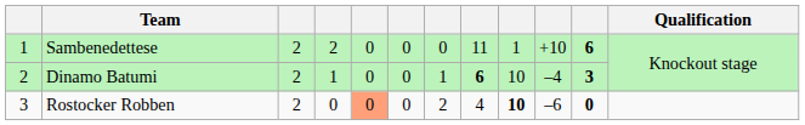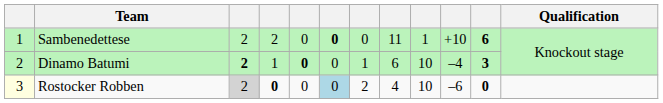 <table class="wikitable" style="font-size: 95%">
 <tr>
 <th width="25"></th>
 <th width="200">Team</th>
 <th width="25"></th>
 <th width="25"></th>
 <th width="25"></th>
 <th width="25"></th>
 <th width="25"></th>
 <th width="25"></th>
 <th width="25"></th>
 <th width="25"></th>
 <th width="25"></th>
 <th width="160">Qualification</th>
 </tr>
 <tr align=center bgcolor=#bbf3bb>
 <td>1</td>
 <td align=left> Sambenedettese</td>
 <td>2</td>
 <td>2</td>
 <td>0</td>
-<td>0</td>
+<td><strong>0</strong></td>
 <td>0</td>
 <td>11</td>
 <td>1</td>
 <td>+10</td>
 <td><strong>6</strong></td>
 <td rowspan=2>Knockout stage</td>
 </tr>
 <tr align=center bgcolor=#bbf3bb>
 <td>2</td>
 <td align=left> Dinamo Batumi</td>
-<td>2</td>
+<td><strong>2</strong></td>
 <td>1</td>
-<td>0</td>
+<td><strong>0</strong></td>
 <td>0</td>
 <td>1</td>
-<td><strong>6</strong></td>
+<td>6</td>
 <td>10</td>
 <td>–4</td>
 <td><strong>3</strong></td>
 </tr>
 <tr align=center>
-<td>3</td>
+<td style="background: lightyellow;">3</td>
 <td align=left> Rostocker Robben</td>
-<td>2</td>
+<td style="background: lightgrey;">2</td>
+<td><strong>0</strong></td>
 <td>0</td>
-<td style="background: lightsalmon;">0</td>
-<td>0</td>
+<td style="background: lightblue;">0</td>
 <td>2</td>
 <td>4</td>
-<td><strong>10</strong></td>
+<td>10</td>
 <td>–6</td>
 <td><strong>0</strong></td>
 <td></td>
 </tr>
 </table>
